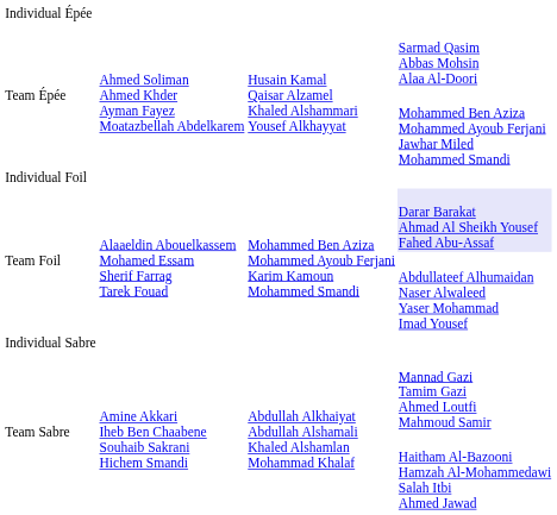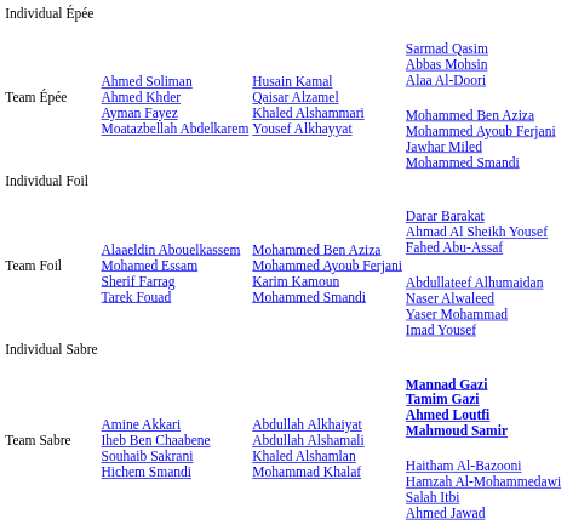 <table>
 <tr>
 <td rowspan=2>Individual Épée</td>
 <td rowspan=2></td>
 <td rowspan=2></td>
 <td></td>
 </tr>
 <tr>
 <td></td>
 </tr>
 <tr>
 <td rowspan=2>Team Épée</td>
 <td rowspan=2><br><a href='#'>Ahmed Soliman</a><br><a href='#'>Ahmed Khder</a><br><a href='#'>Ayman Fayez</a><br><a href='#'>Moatazbellah Abdelkarem</a></td>
 <td rowspan=2><br><a href='#'>Husain Kamal</a><br><a href='#'>Qaisar Alzamel</a><br><a href='#'>Khaled Alshammari</a><br><a href='#'>Yousef Alkhayyat</a></td>
 <td><br><a href='#'>Sarmad Qasim</a><br><a href='#'>Abbas Mohsin</a><br><a href='#'>Alaa Al-Doori</a></td>
 </tr>
 <tr>
 <td><br><a href='#'>Mohammed Ben Aziza</a><br><a href='#'>Mohammed Ayoub Ferjani</a><br><a href='#'>Jawhar Miled</a><br><a href='#'>Mohammed Smandi</a></td>
 </tr>
 <tr>
 <td rowspan=2>Individual Foil</td>
 <td rowspan=2></td>
 <td rowspan=2></td>
 <td></td>
 </tr>
 <tr>
 <td></td>
 </tr>
 <tr>
 <td rowspan=2>Team Foil</td>
 <td rowspan=2><br><a href='#'>Alaaeldin Abouelkassem</a><br><a href='#'>Mohamed Essam</a><br><a href='#'>Sherif Farrag</a><br><a href='#'>Tarek Fouad</a></td>
 <td rowspan=2><br><a href='#'>Mohammed Ben Aziza</a><br><a href='#'>Mohammed Ayoub Ferjani</a><br><a href='#'>Karim Kamoun</a><br><a href='#'>Mohammed Smandi</a></td>
-<td style="background: lavender;"><br><a href='#'>Darar Barakat</a><br><a href='#'>Ahmad Al Sheikh Yousef</a><br><a href='#'>Fahed Abu-Assaf</a></td>
+<td><br><a href='#'>Darar Barakat</a><br><a href='#'>Ahmad Al Sheikh Yousef</a><br><a href='#'>Fahed Abu-Assaf</a></td>
 </tr>
 <tr>
 <td><br><a href='#'>Abdullateef Alhumaidan</a><br><a href='#'>Naser Alwaleed</a><br><a href='#'>Yaser Mohammad</a><br><a href='#'>Imad Yousef</a></td>
 </tr>
 <tr>
 <td rowspan=2>Individual Sabre</td>
 <td rowspan=2></td>
 <td rowspan=2></td>
 <td></td>
 </tr>
 <tr>
 <td></td>
 </tr>
 <tr>
 <td rowspan=2>Team Sabre</td>
 <td rowspan=2><br><a href='#'>Amine Akkari</a><br><a href='#'>Iheb Ben Chaabene</a><br><a href='#'>Souhaib Sakrani</a><br><a href='#'>Hichem Smandi</a></td>
 <td rowspan=2><br><a href='#'>Abdullah Alkhaiyat</a><br><a href='#'>Abdullah Alshamali</a><br><a href='#'>Khaled Alshamlan</a><br><a href='#'>Mohammad Khalaf</a></td>
-<td><br><a href='#'>Mannad Gazi</a><br><a href='#'>Tamim Gazi</a><br><a href='#'>Ahmed Loutfi</a><br><a href='#'>Mahmoud Samir</a></td>
+<td><strong><br><a href='#'>Mannad Gazi</a><br><a href='#'>Tamim Gazi</a><br><a href='#'>Ahmed Loutfi</a><br><a href='#'>Mahmoud Samir</a></strong></td>
 </tr>
 <tr>
 <td><br><a href='#'>Haitham Al-Bazooni</a><br><a href='#'>Hamzah Al-Mohammedawi</a><br><a href='#'>Salah Itbi</a><br><a href='#'>Ahmed Jawad</a></td>
 </tr>
 </table>
